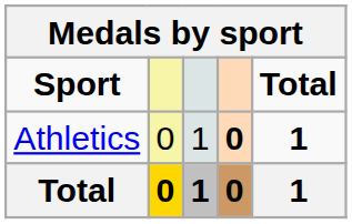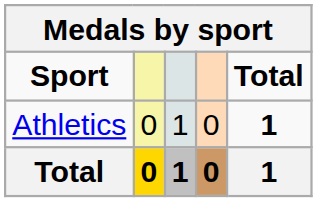 <table class="wikitable" style=font-size:85%>
 <tr style="background:#efefef;">
 <th colspan=5><strong>Medals by sport</strong></th>
 </tr>
 <tr align=center>
 <td><strong>Sport</strong></td>
 <td bgcolor=#f7f6a8></td>
 <td bgcolor=#dce5e5></td>
 <td bgcolor=#ffdab9></td>
 <td><strong>Total</strong></td>
 </tr>
 <tr align=center>
 <td><a href='#'>Athletics</a></td>
 <td style="background:#F7F6A8;">0</td>
 <td style="background:#DCE5E5;">1</td>
-<td style="background:#FFDAB9;"><strong>0</strong></td>
+<td style="background:#FFDAB9;">0</td>
 <td><strong>1</strong></td>
 </tr>
 <tr align=center>
 <th><strong>Total</strong></th>
 <th style="background:gold;"><strong>0</strong></th>
 <th style="background:silver;"><strong>1</strong></th>
 <th style="background:#c96;"><strong>0</strong></th>
 <th><strong>1</strong></th>
 </tr>
 </table>
